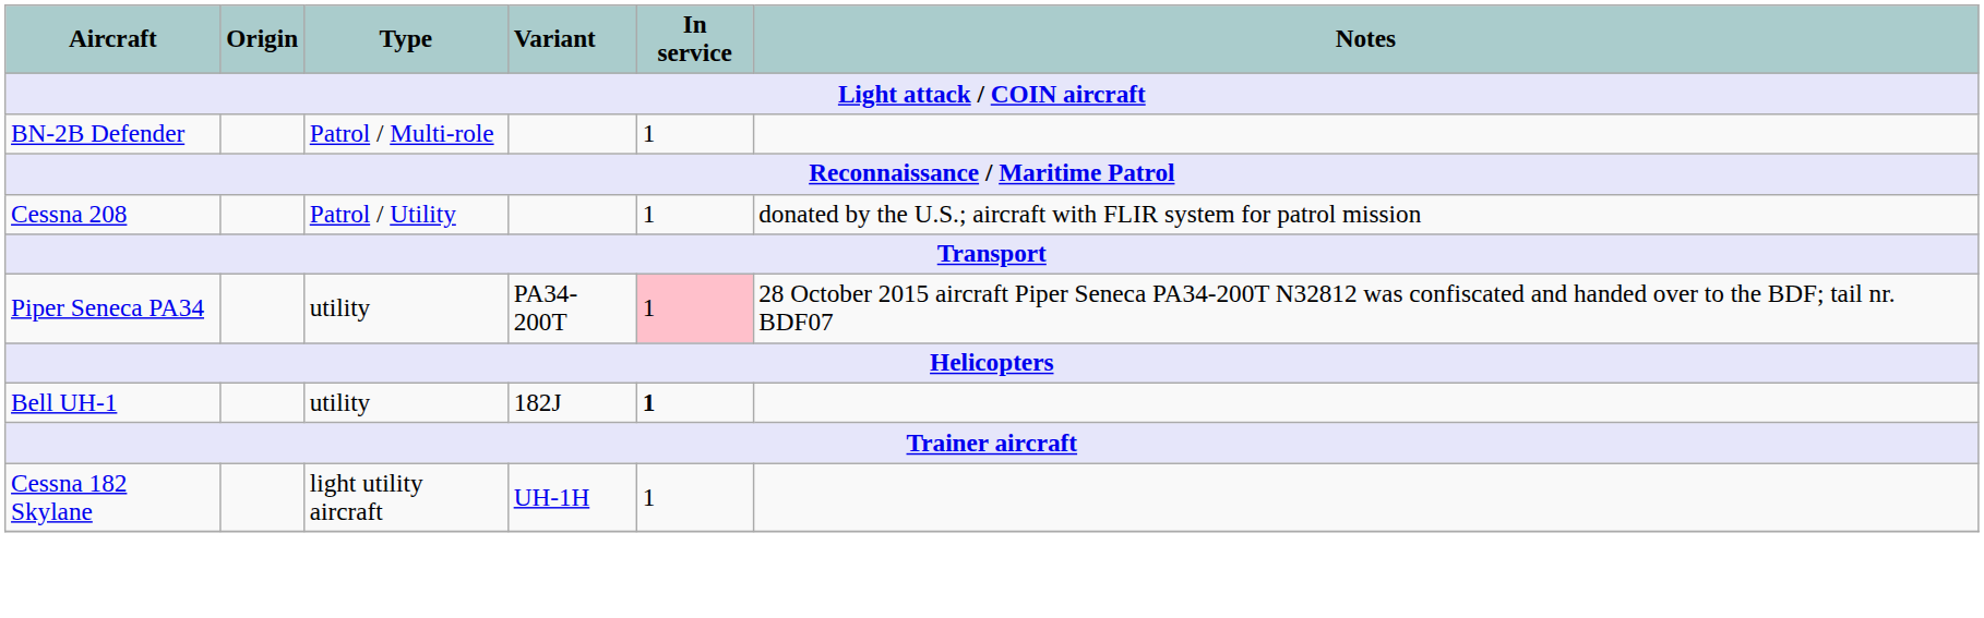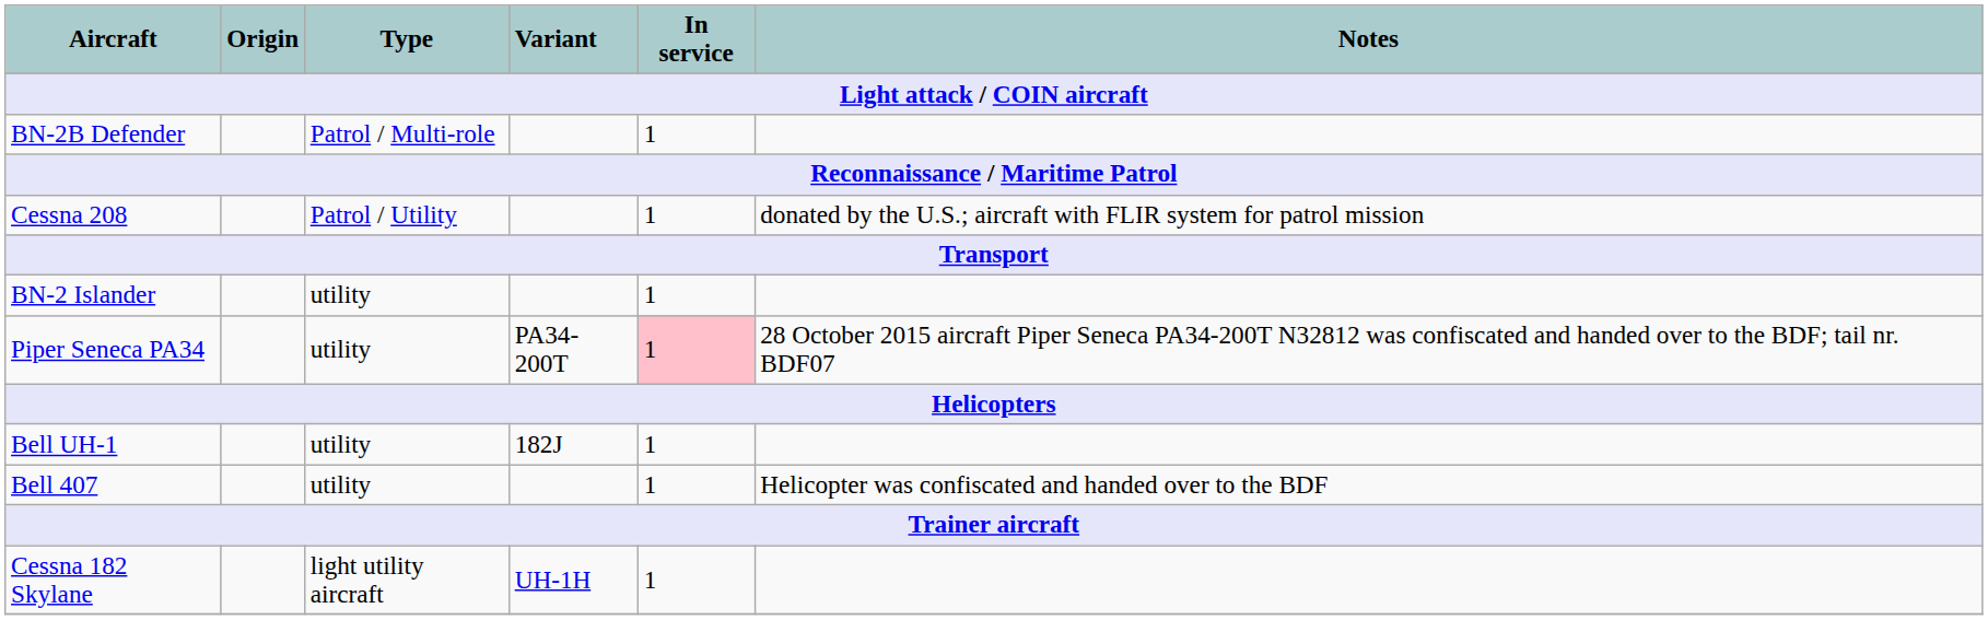 <table class="wikitable">
 <tr>
 <th style="text-align:center; background:#acc;">Aircraft</th>
 <th style="text-align: center; background:#acc;">Origin</th>
 <th style="text-align:l center; background:#acc;">Type</th>
 <th style="text-align:left; background:#acc;">Variant</th>
 <th style="text-align:center; background:#acc;">In service</th>
 <th style="text-align: center; background:#acc;">Notes</th>
 </tr>
 <tr>
 <th style="align: center; background: lavender;" colspan="6"><a href='#'>Light attack</a> / <a href='#'>COIN aircraft</a></th>
 </tr>
 <tr>
 <td><a href='#'>BN-2B Defender</a></td>
 <td></td>
 <td><a href='#'>Patrol</a> / <a href='#'>Multi-role</a></td>
 <td></td>
 <td>1</td>
 <td></td>
 </tr>
 <tr>
 <th style="align: center; background: lavender;" colspan="6"><a href='#'>Reconnaissance</a> / <a href='#'>Maritime Patrol</a></th>
 </tr>
 <tr>
 <td><a href='#'>Cessna 208</a></td>
 <td></td>
 <td><a href='#'>Patrol</a> / <a href='#'>Utility</a></td>
 <td></td>
 <td>1</td>
 <td>donated by the U.S.; aircraft with FLIR system for patrol mission</td>
 </tr>
 <tr>
 <th style="align: center; background: lavender;" colspan="6"><a href='#'>Transport</a></th>
 </tr>
 <tr>
+<td><a href='#'>BN-2 Islander</a></td>
+<td></td>
+<td>utility</td>
+<td></td>
+<td>1</td>
+<td></td>
+</tr>
+<tr>
 <td><a href='#'>Piper Seneca PA34</a></td>
 <td></td>
 <td>utility</td>
 <td>PA34-200T</td>
 <td style="background: pink;">1</td>
 <td>28 October 2015 aircraft Piper Seneca PA34-200T N32812 was confiscated and handed over to the BDF; tail nr. BDF07</td>
 </tr>
 <tr>
 <th style="align: center; background: lavender;" colspan="6"><a href='#'>Helicopters</a></th>
 </tr>
 <tr>
 <td><a href='#'>Bell UH-1</a></td>
 <td></td>
 <td>utility</td>
 <td>182J</td>
-<td><strong>1</strong></td>
+<td>1</td>
 <td></td>
+</tr>
+<tr>
+<td><a href='#'>Bell 407</a></td>
+<td></td>
+<td>utility</td>
+<td></td>
+<td>1</td>
+<td>Helicopter was confiscated and handed over to the BDF</td>
 </tr>
 <tr>
 <th style="align: center; background: lavender;" colspan="6"><a href='#'>Trainer aircraft</a></th>
 </tr>
 <tr>
 <td><a href='#'>Cessna 182 Skylane</a></td>
 <td></td>
 <td>light utility aircraft</td>
 <td><a href='#'>UH-1H</a></td>
 <td>1</td>
 <td></td>
 </tr>
 <tr>
 </tr>
 </table>
